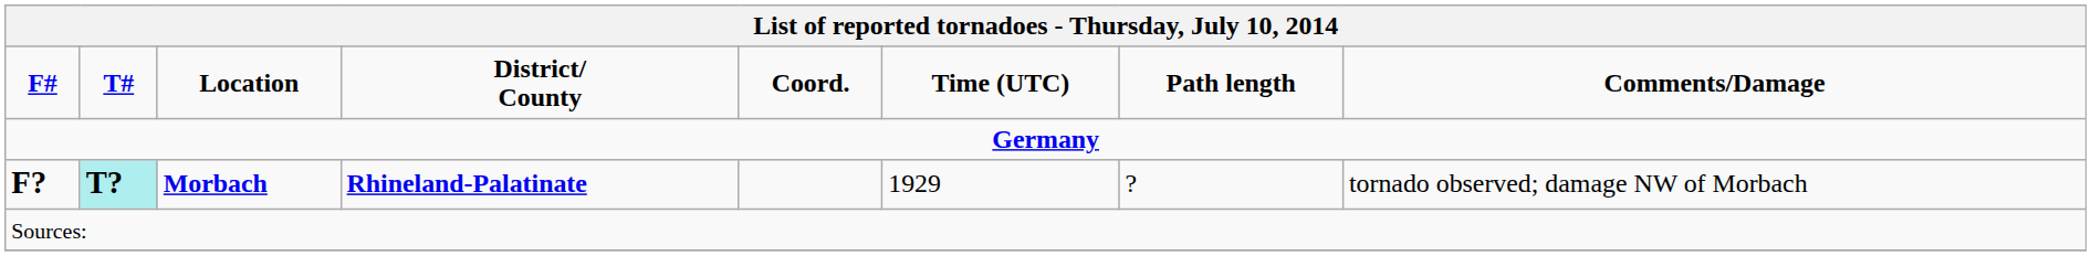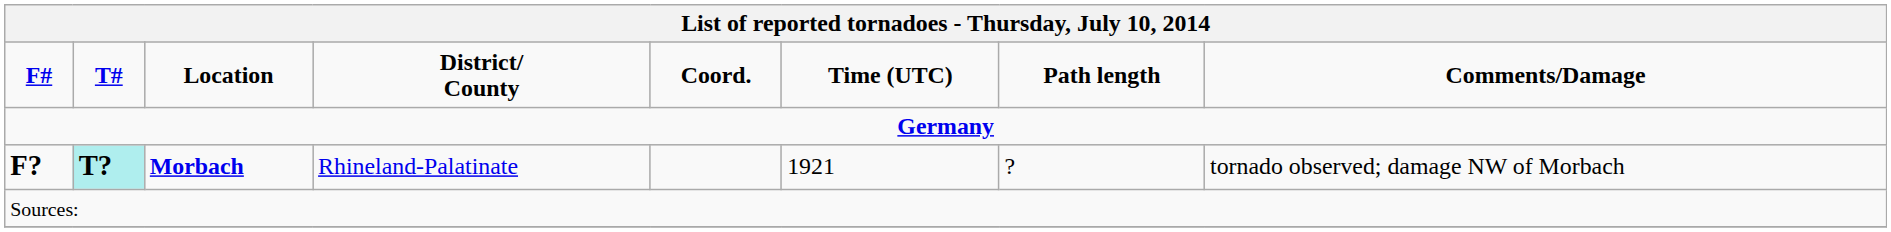 <table class="wikitable collapsible" width="100%">
 <tr>
 <th colspan="8">List of reported tornadoes - Thursday, July 10, 2014</th>
 </tr>
 <tr>
 <td style="text-align: center;"><strong><a href='#'>F#</a></strong></td>
 <td style="text-align: center;"><strong><a href='#'>T#</a></strong></td>
 <td style="text-align: center;"><strong>Location</strong></td>
 <td style="text-align: center;"><strong>District/<br>County</strong></td>
 <td style="text-align: center;"><strong>Coord.</strong></td>
 <td style="text-align: center;"><strong>Time (UTC)</strong></td>
 <td style="text-align: center;"><strong>Path length</strong></td>
 <td style="text-align: center;"><strong>Comments/Damage</strong></td>
 </tr>
 <tr>
 <td colspan="8" align=center><strong><a href='#'>Germany</a></strong></td>
 </tr>
 <tr>
 <td><big><strong>F?</strong></big></td>
 <td style="background: paleturquoise;"><big><strong>T?</strong></big></td>
 <td><strong><a href='#'>Morbach</a></strong></td>
-<td><strong><a href='#'>Rhineland-Palatinate</a></strong></td>
+<td><a href='#'>Rhineland-Palatinate</a></td>
 <td></td>
-<td>1929</td>
+<td>1921</td>
 <td>?</td>
 <td>tornado observed; damage NW of Morbach</td>
 </tr>
 <tr>
 <td colspan="8"><small>Sources:</small></td>
 </tr>
 <tr>
 </tr>
 </table>
